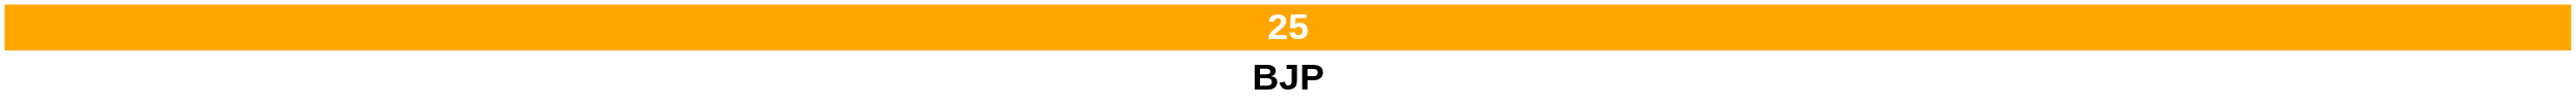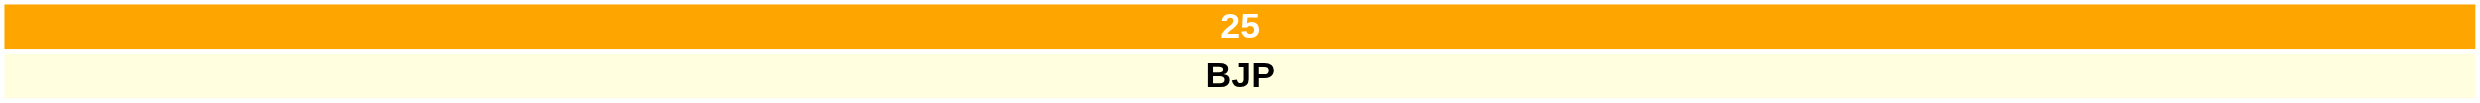 <table style="width:88%; text-align:center;">
 <tr style="color:white;">
 <td style="background:orange; width:100%;"><strong>25</strong></td>
 </tr>
 <tr>
-<td><span><strong>BJP</strong></span></td>
+<td style="background: lightyellow;"><span><strong>BJP</strong></span></td>
 </tr>
 </table>
